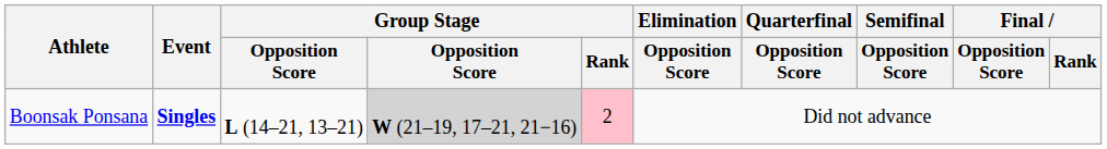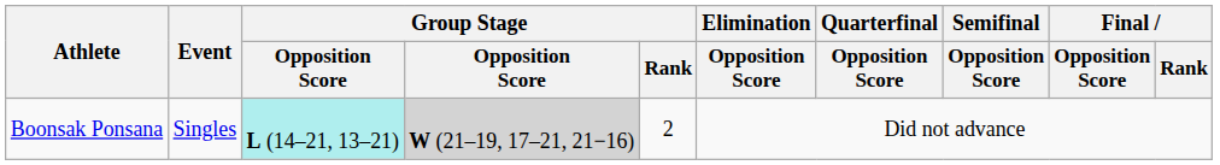 <table class="wikitable" style="font-size:90%">
 <tr>
 <th rowspan=2>Athlete</th>
 <th rowspan=2>Event</th>
 <th colspan=3>Group Stage</th>
 <th>Elimination</th>
 <th>Quarterfinal</th>
 <th>Semifinal</th>
 <th colspan=2>Final / </th>
 </tr>
 <tr style="font-size:95%">
 <th>Opposition<br>Score</th>
 <th>Opposition<br>Score</th>
 <th>Rank</th>
 <th>Opposition<br>Score</th>
 <th>Opposition<br>Score</th>
 <th>Opposition<br>Score</th>
 <th>Opposition<br>Score</th>
 <th>Rank</th>
 </tr>
 <tr align=center>
 <td align=left><a href='#'>Boonsak Ponsana</a></td>
-<td align=left><strong><a href='#'>Singles</a></strong></td>
-<td><br><strong>L</strong> (14–21, 13–21)</td>
+<td align=left><a href='#'>Singles</a></td>
+<td style="background: paleturquoise;"><br><strong>L</strong> (14–21, 13–21)</td>
 <td style="background: lightgrey;"><br><strong>W</strong> (21–19, 17–21, 21−16)</td>
-<td style="background: pink;">2</td>
+<td>2</td>
 <td colspan=5>Did not advance</td>
 </tr>
 </table>
